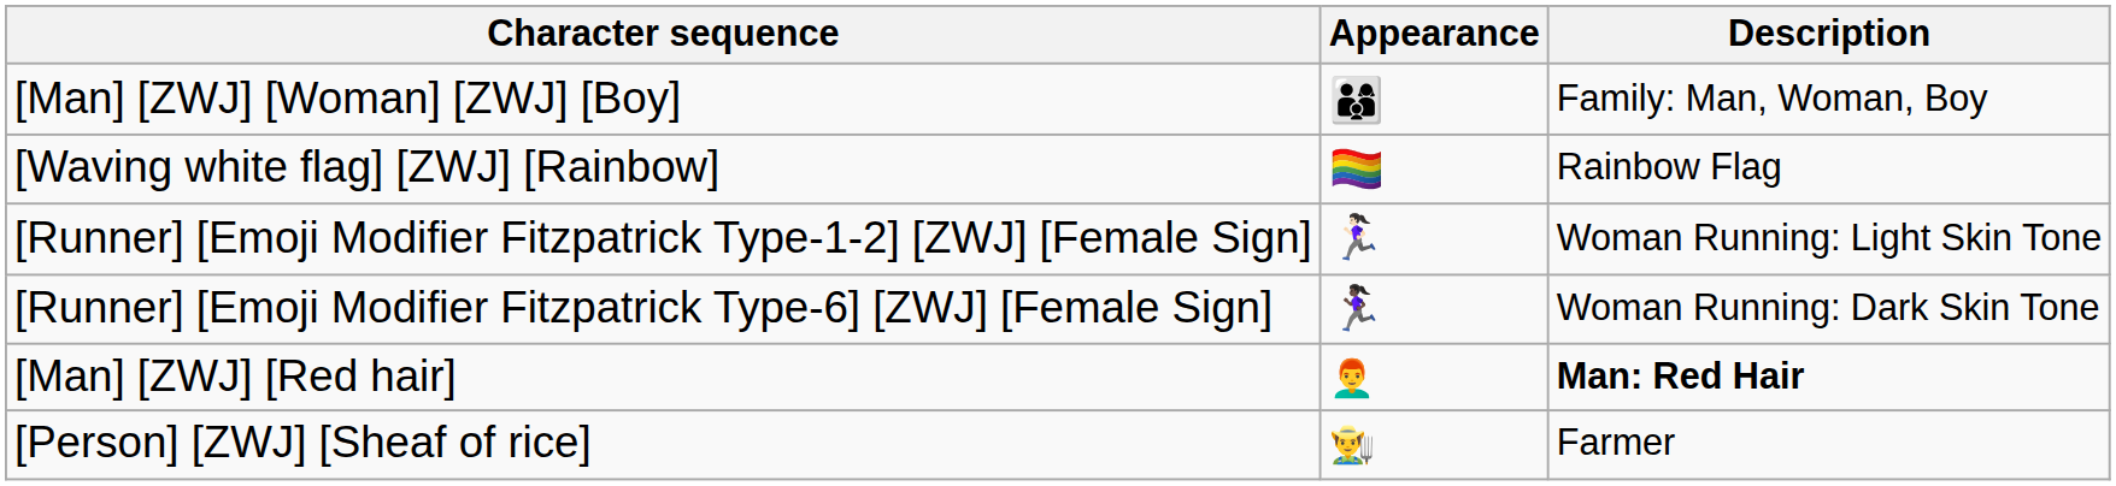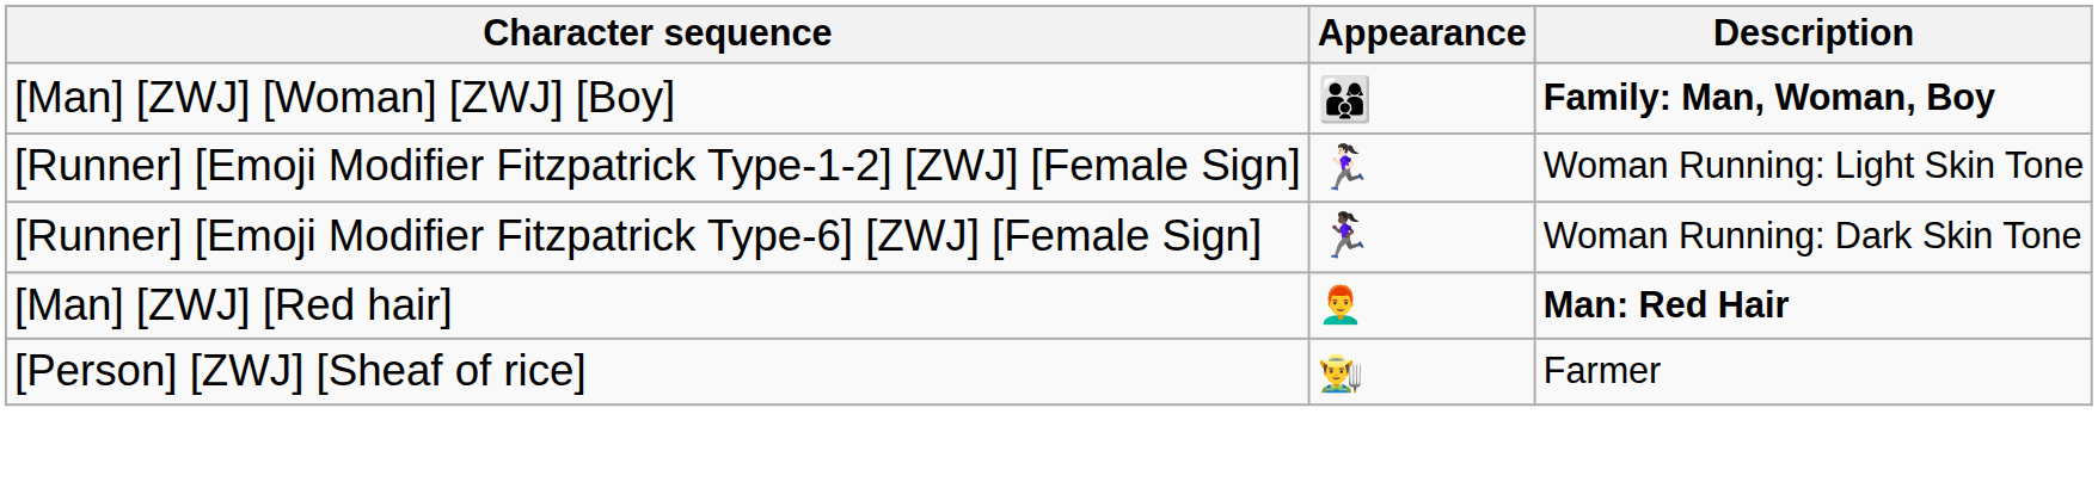 <table class="wikitable">
 <tr>
 <th>Character sequence</th>
 <th>Appearance</th>
 <th>Description</th>
 </tr>
 <tr>
 <td><big>[Man] [ZWJ] [Woman] [ZWJ] [Boy]</big></td>
 <td><big>👨‍👩‍👦</big></td>
-<td>Family: Man, Woman, Boy</td>
-</tr>
-<tr>
-<td><big>[Waving white flag] [ZWJ] [Rainbow]</big></td>
-<td><big>🏳️‍🌈</big></td>
-<td>Rainbow Flag</td>
+<td><strong>Family: Man, Woman, Boy</strong></td>
 </tr>
 <tr>
 <td><big>[Runner] [Emoji Modifier Fitzpatrick Type-1-2] [ZWJ] [Female Sign]</big></td>
 <td><big>🏃🏻‍♀️</big></td>
 <td>Woman Running: Light Skin Tone</td>
 </tr>
 <tr>
 <td><big>[Runner] [Emoji Modifier Fitzpatrick Type-6] [ZWJ] [Female Sign]</big></td>
 <td><big>🏃🏿‍♀️</big></td>
 <td>Woman Running: Dark Skin Tone</td>
 </tr>
 <tr>
 <td><big>[Man] [ZWJ] [Red hair]</big></td>
 <td>👨‍🦰</td>
 <td><strong>Man: Red Hair</strong></td>
 </tr>
 <tr>
 <td><big>[Person] [ZWJ] [Sheaf of rice]</big></td>
 <td>👨‍🌾</td>
 <td>Farmer</td>
 </tr>
 </table>
